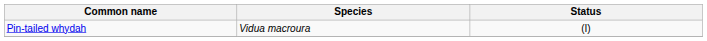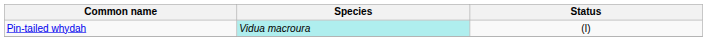 <table width=70% class="wikitable">
 <tr>
 <th width=20%>Common name</th>
 <th width=20%>Species</th>
 <th width=20%>Status</th>
 </tr>
 <tr>
 <td><a href='#'>Pin-tailed whydah</a></td>
-<td><em>Vidua macroura</em></td>
+<td style="background: paleturquoise;"><em>Vidua macroura</em></td>
 <td align=center>(I)</td>
 </tr>
 <tr>
 </tr>
 </table>
